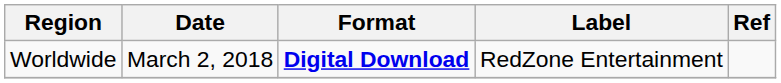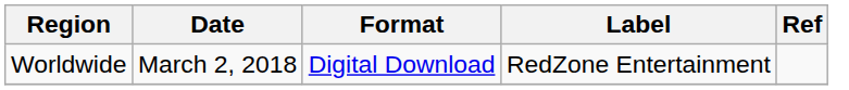 <table class="wikitable">
 <tr>
 <th>Region</th>
 <th>Date</th>
 <th>Format</th>
 <th>Label</th>
 <th>Ref</th>
 </tr>
 <tr>
 <td>Worldwide</td>
 <td>March 2, 2018</td>
-<td><strong><a href='#'>Digital Download</a></strong></td>
+<td><a href='#'>Digital Download</a></td>
 <td>RedZone Entertainment</td>
 <td></td>
 </tr>
 <tr>
 </tr>
 </table>
